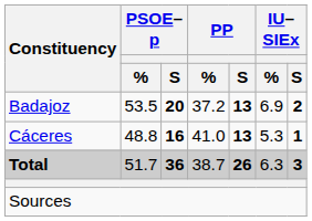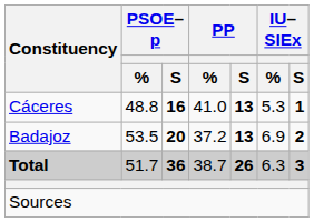 <table class="wikitable sortable" style="text-align:right; line-height:20px;">
 <tr>
 <th rowspan="3">Constituency</th>
 <th colspan="2" width="30px" class="unsortable"><a href='#'>PSOE</a>–<a href='#'>p</a></th>
 <th colspan="2" width="30px" class="unsortable"><a href='#'>PP</a></th>
 <th colspan="2" width="30px" class="unsortable"><a href='#'>IU</a>–<a href='#'>SIEx</a></th>
 </tr>
 <tr>
 <th colspan="2" style="background:"></th>
 <th colspan="2" style="background:"></th>
 <th colspan="2" style="background:"></th>
 </tr>
 <tr>
 <th data-sort-type="number">%</th>
 <th data-sort-type="number">S</th>
 <th data-sort-type="number">%</th>
 <th data-sort-type="number">S</th>
 <th data-sort-type="number">%</th>
 <th data-sort-type="number">S</th>
 </tr>
 <tr>
+<td align="left"><a href='#'>Cáceres</a></td>
+<td style="background:">48.8</td>
+<td><strong>16</strong></td>
+<td>41.0</td>
+<td><strong>13</strong></td>
+<td>5.3</td>
+<td><strong>1</strong></td>
+</tr>
+<tr>
 <td align="left"><a href='#'>Badajoz</a></td>
 <td style="background:">53.5</td>
 <td><strong>20</strong></td>
 <td>37.2</td>
 <td><strong>13</strong></td>
 <td>6.9</td>
 <td><strong>2</strong></td>
-</tr>
-<tr>
-<td align="left"><a href='#'>Cáceres</a></td>
-<td style="background:">48.8</td>
-<td><strong>16</strong></td>
-<td>41.0</td>
-<td><strong>13</strong></td>
-<td>5.3</td>
-<td><strong>1</strong></td>
 </tr>
 <tr style="background:#CDCDCD;">
 <td align="left"><strong>Total</strong></td>
 <td style="background:">51.7</td>
 <td><strong>36</strong></td>
 <td>38.7</td>
 <td><strong>26</strong></td>
 <td>6.3</td>
 <td><strong>3</strong></td>
 </tr>
 <tr>
 <th colspan="7"></th>
 </tr>
 <tr>
 <th style="text-align:left; font-weight:normal; background:#F9F9F9" colspan="7">Sources</th>
 </tr>
 </table>
